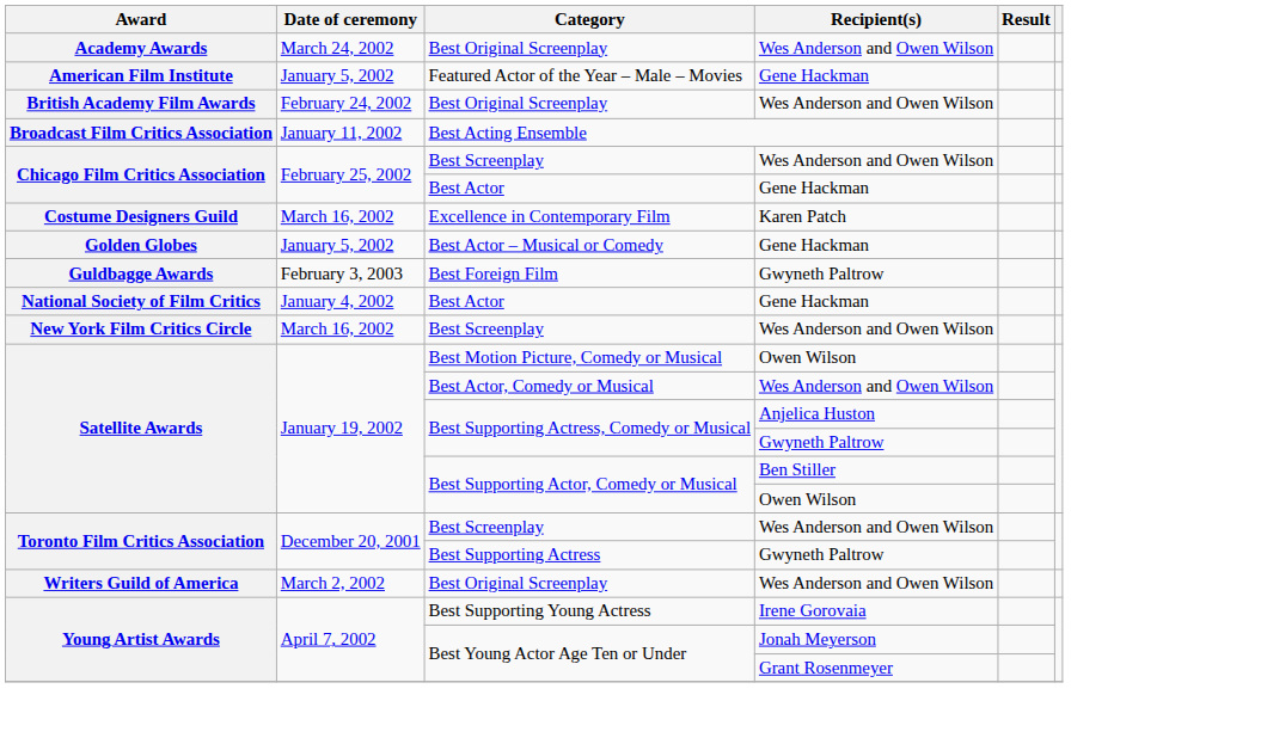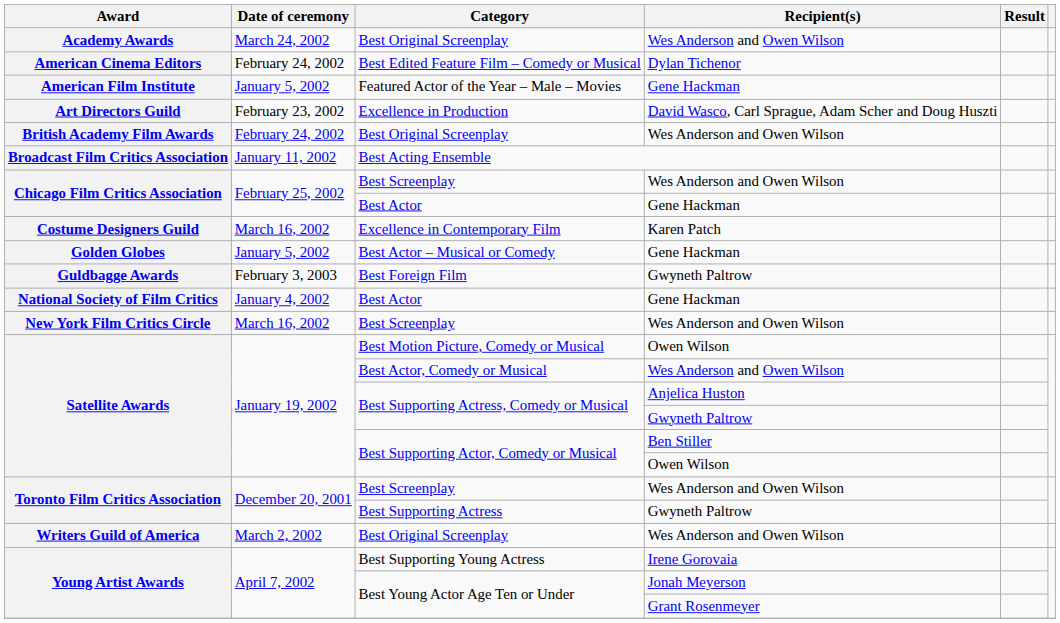 <table class="wikitable plainrowheaders sortable">
 <tr>
 <th scope="col">Award</th>
 <th scope="col">Date of ceremony</th>
 <th scope="col">Category</th>
 <th scope="col">Recipient(s)</th>
 <th scope="col">Result</th>
 <th scope="col" class="unsortable"></th>
 </tr>
 <tr>
 <th scope="row"><a href='#'>Academy Awards</a></th>
 <td><a href='#'>March 24, 2002</a></td>
 <td><a href='#'>Best Original Screenplay</a></td>
 <td><a href='#'>Wes Anderson</a> and <a href='#'>Owen Wilson</a></td>
 <td></td>
 <td rowspan="1"></td>
 </tr>
 <tr>
+<th scope="row"><a href='#'>American Cinema Editors</a></th>
+<td rowspan="1">February 24, 2002</td>
+<td><a href='#'>Best Edited Feature Film – Comedy or Musical</a></td>
+<td><a href='#'>Dylan Tichenor</a></td>
+<td></td>
+<td rowspan="1"></td>
+</tr>
+<tr>
 <th scope="row"><a href='#'>American Film Institute</a></th>
 <td rowspan="1"><a href='#'>January 5, 2002</a></td>
 <td>Featured Actor of the Year – Male – Movies</td>
 <td><a href='#'>Gene Hackman</a></td>
+<td></td>
+<td rowspan="1"></td>
+</tr>
+<tr>
+<th scope="row"><a href='#'>Art Directors Guild</a></th>
+<td rowspan="1">February 23, 2002</td>
+<td><a href='#'>Excellence in Production</a></td>
+<td><a href='#'>David Wasco</a>, Carl Sprague, Adam Scher and Doug Huszti</td>
 <td></td>
 <td rowspan="1"></td>
 </tr>
 <tr>
 <th scope="row"><a href='#'>British Academy Film Awards</a></th>
 <td rowspan="1"><a href='#'>February 24, 2002</a></td>
 <td><a href='#'>Best Original Screenplay</a></td>
 <td>Wes Anderson and Owen Wilson</td>
 <td></td>
 <td rowspan="1"></td>
 </tr>
 <tr>
 <th scope="row"><a href='#'>Broadcast Film Critics Association</a></th>
 <td rowspan="1"><a href='#'>January 11, 2002</a></td>
 <td colspan="2"><a href='#'>Best Acting Ensemble</a></td>
 <td></td>
 <td rowspan="1"></td>
 </tr>
 <tr>
 <th scope="row" rowspan=2><a href='#'>Chicago Film Critics Association</a></th>
 <td rowspan="2"><a href='#'>February 25, 2002</a></td>
 <td><a href='#'>Best Screenplay</a></td>
 <td>Wes Anderson and Owen Wilson</td>
 <td></td>
 <td></td>
 </tr>
 <tr>
 <td><a href='#'>Best Actor</a></td>
 <td>Gene Hackman</td>
 <td></td>
 <td></td>
 </tr>
 <tr>
 <th scope="row"><a href='#'>Costume Designers Guild</a></th>
 <td rowspan="1"><a href='#'>March 16, 2002</a></td>
 <td><a href='#'>Excellence in Contemporary Film</a></td>
 <td>Karen Patch</td>
 <td></td>
 <td rowspan="1"></td>
 </tr>
 <tr>
 <th scope="row"><a href='#'>Golden Globes</a></th>
 <td rowspan="1"><a href='#'>January 5, 2002</a></td>
 <td><a href='#'>Best Actor – Musical or Comedy</a></td>
 <td>Gene Hackman</td>
 <td></td>
 <td rowspan="1"></td>
 </tr>
 <tr>
 <th scope="row"><a href='#'>Guldbagge Awards</a></th>
 <td rowspan="1">February 3, 2003</td>
 <td><a href='#'>Best Foreign Film</a></td>
 <td>Gwyneth Paltrow</td>
 <td></td>
 <td rowspan="1"></td>
 </tr>
 <tr>
 <th scope="row"><a href='#'>National Society of Film Critics</a></th>
 <td rowspan="1"><a href='#'>January 4, 2002</a></td>
 <td><a href='#'>Best Actor</a></td>
 <td>Gene Hackman</td>
 <td></td>
 <td></td>
 </tr>
 <tr>
 <th scope="row"><a href='#'>New York Film Critics Circle</a></th>
 <td rowspan="1"><a href='#'>March 16, 2002</a></td>
 <td><a href='#'>Best Screenplay</a></td>
 <td>Wes Anderson and Owen Wilson</td>
 <td></td>
 <td></td>
 </tr>
 <tr>
 <th scope="row" rowspan=6><a href='#'>Satellite Awards</a></th>
 <td rowspan="6"><a href='#'>January 19, 2002</a></td>
 <td><a href='#'>Best Motion Picture, Comedy or Musical</a></td>
 <td>Owen Wilson</td>
 <td></td>
 <td rowspan="6"></td>
 </tr>
 <tr>
 <td><a href='#'>Best Actor, Comedy or Musical</a></td>
 <td><a href='#'>Wes Anderson</a> and <a href='#'>Owen Wilson</a></td>
 <td></td>
 </tr>
 <tr>
 <td rowspan="2"><a href='#'>Best Supporting Actress, Comedy or Musical</a></td>
 <td><a href='#'>Anjelica Huston</a></td>
 <td></td>
 </tr>
 <tr>
 <td><a href='#'>Gwyneth Paltrow</a></td>
 <td></td>
 </tr>
 <tr>
 <td rowspan="2"><a href='#'>Best Supporting Actor, Comedy or Musical</a></td>
 <td><a href='#'>Ben Stiller</a></td>
 <td></td>
 </tr>
 <tr>
 <td>Owen Wilson</td>
 <td></td>
 </tr>
 <tr>
 <th scope="row" rowspan=2><a href='#'>Toronto Film Critics Association</a></th>
 <td rowspan="2"><a href='#'>December 20, 2001</a></td>
 <td><a href='#'>Best Screenplay</a></td>
 <td>Wes Anderson and Owen Wilson</td>
 <td></td>
 <td rowspan="2"></td>
 </tr>
 <tr>
 <td><a href='#'>Best Supporting Actress</a></td>
 <td>Gwyneth Paltrow</td>
 <td></td>
 </tr>
 <tr>
 <th scope="row"><a href='#'>Writers Guild of America</a></th>
 <td rowspan="1"><a href='#'>March 2, 2002</a></td>
 <td><a href='#'>Best Original Screenplay</a></td>
 <td>Wes Anderson and Owen Wilson</td>
 <td></td>
 <td rowspan="1"></td>
 </tr>
 <tr>
 <th scope="row" rowspan=3><a href='#'>Young Artist Awards</a></th>
 <td rowspan="3"><a href='#'>April 7, 2002</a></td>
 <td>Best Supporting Young Actress</td>
 <td><a href='#'>Irene Gorovaia</a></td>
 <td></td>
 <td rowspan="3"></td>
 </tr>
 <tr>
 <td rowspan="2">Best Young Actor Age Ten or Under</td>
 <td><a href='#'>Jonah Meyerson</a></td>
 <td></td>
 </tr>
 <tr>
 <td><a href='#'>Grant Rosenmeyer</a></td>
 <td></td>
 </tr>
 <tr>
 </tr>
 </table>
